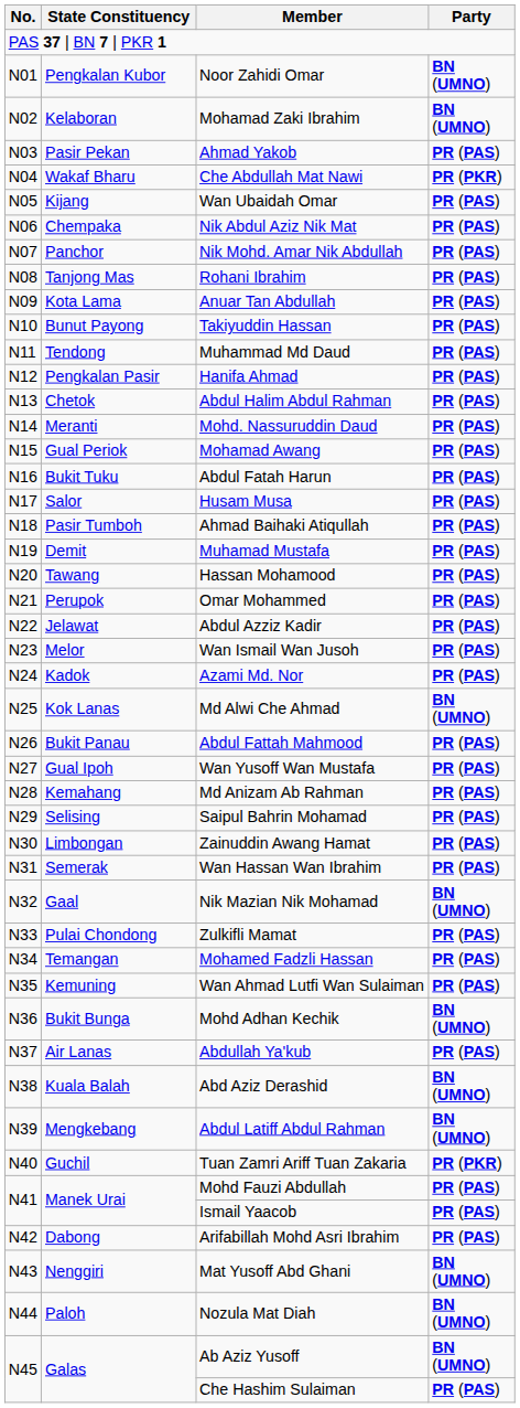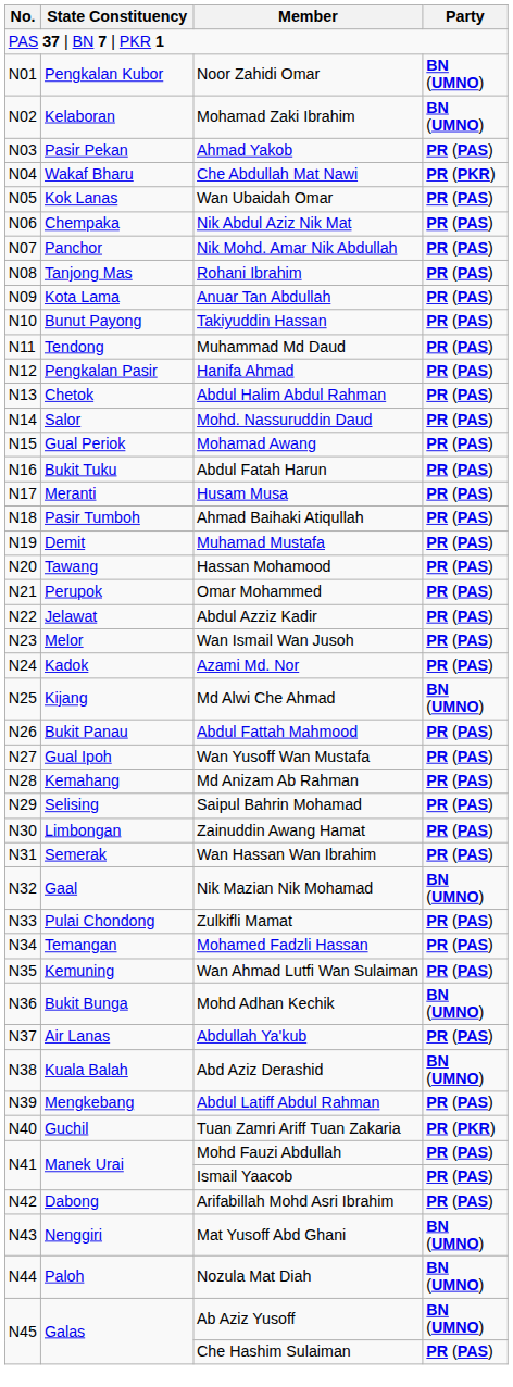 <table class="wikitable sortable">
 <tr>
 <th style="width:30px;">No.</th>
 <th style="width:150px;">State Constituency</th>
 <th style="width:230px;">Member</th>
 <th style="width:80px;">Party</th>
 </tr>
 <tr>
 <td colspan="4"><a href='#'>PAS</a> <strong>37</strong> | <a href='#'>BN</a> <strong>7</strong> | <a href='#'>PKR</a> <strong>1</strong></td>
 </tr>
 <tr>
 <td>N01</td>
 <td><a href='#'>Pengkalan Kubor</a></td>
 <td>Noor Zahidi Omar</td>
 <td><strong><a href='#'>BN</a></strong> (<strong><a href='#'>UMNO</a></strong>)</td>
 </tr>
 <tr>
 <td>N02</td>
 <td><a href='#'>Kelaboran</a></td>
 <td>Mohamad Zaki Ibrahim</td>
 <td><strong><a href='#'>BN</a></strong> (<strong><a href='#'>UMNO</a></strong>)</td>
 </tr>
 <tr>
 <td>N03</td>
 <td><a href='#'>Pasir Pekan</a></td>
 <td><a href='#'>Ahmad Yakob</a></td>
 <td><strong><a href='#'>PR</a></strong> (<strong><a href='#'>PAS</a></strong>)</td>
 </tr>
 <tr>
 <td>N04</td>
 <td><a href='#'>Wakaf Bharu</a></td>
 <td><a href='#'>Che Abdullah Mat Nawi</a></td>
 <td><strong><a href='#'>PR</a></strong> (<strong><a href='#'>PKR</a></strong>)</td>
 </tr>
 <tr>
 <td>N05</td>
-<td><a href='#'>Kijang</a></td>
+<td><a href='#'>Kok Lanas</a></td>
 <td>Wan Ubaidah Omar</td>
 <td><strong><a href='#'>PR</a></strong> (<strong><a href='#'>PAS</a></strong>)</td>
 </tr>
 <tr>
 <td>N06</td>
 <td><a href='#'>Chempaka</a></td>
 <td><a href='#'>Nik Abdul Aziz Nik Mat</a></td>
 <td><strong><a href='#'>PR</a></strong> (<strong><a href='#'>PAS</a></strong>)</td>
 </tr>
 <tr>
 <td>N07</td>
 <td><a href='#'>Panchor</a></td>
 <td><a href='#'>Nik Mohd. Amar Nik Abdullah</a></td>
 <td><strong><a href='#'>PR</a></strong> (<strong><a href='#'>PAS</a></strong>)</td>
 </tr>
 <tr>
 <td>N08</td>
 <td><a href='#'>Tanjong Mas</a></td>
 <td><a href='#'>Rohani Ibrahim</a></td>
 <td><strong><a href='#'>PR</a></strong> (<strong><a href='#'>PAS</a></strong>)</td>
 </tr>
 <tr>
 <td>N09</td>
 <td><a href='#'>Kota Lama</a></td>
 <td><a href='#'>Anuar Tan Abdullah</a></td>
 <td><strong><a href='#'>PR</a></strong> (<strong><a href='#'>PAS</a></strong>)</td>
 </tr>
 <tr>
 <td>N10</td>
 <td><a href='#'>Bunut Payong</a></td>
 <td><a href='#'>Takiyuddin Hassan</a></td>
 <td><strong><a href='#'>PR</a></strong> (<strong><a href='#'>PAS</a></strong>)</td>
 </tr>
 <tr>
 <td>N11</td>
 <td><a href='#'>Tendong</a></td>
 <td>Muhammad Md Daud</td>
 <td><strong><a href='#'>PR</a></strong> (<strong><a href='#'>PAS</a></strong>)</td>
 </tr>
 <tr>
 <td>N12</td>
 <td><a href='#'>Pengkalan Pasir</a></td>
 <td><a href='#'>Hanifa Ahmad</a></td>
 <td><strong><a href='#'>PR</a></strong> (<strong><a href='#'>PAS</a></strong>)</td>
 </tr>
 <tr>
 <td>N13</td>
 <td><a href='#'>Chetok</a></td>
 <td><a href='#'>Abdul Halim Abdul Rahman</a></td>
 <td><strong><a href='#'>PR</a></strong> (<strong><a href='#'>PAS</a></strong>)</td>
 </tr>
 <tr>
 <td>N14</td>
-<td><a href='#'>Meranti</a></td>
+<td><a href='#'>Salor</a></td>
 <td><a href='#'>Mohd. Nassuruddin Daud</a></td>
 <td><strong><a href='#'>PR</a></strong> (<strong><a href='#'>PAS</a></strong>)</td>
 </tr>
 <tr>
 <td>N15</td>
 <td><a href='#'>Gual Periok</a></td>
 <td><a href='#'>Mohamad Awang</a></td>
 <td><strong><a href='#'>PR</a></strong> (<strong><a href='#'>PAS</a></strong>)</td>
 </tr>
 <tr>
 <td>N16</td>
 <td><a href='#'>Bukit Tuku</a></td>
 <td>Abdul Fatah Harun</td>
 <td><strong><a href='#'>PR</a></strong> (<strong><a href='#'>PAS</a></strong>)</td>
 </tr>
 <tr>
 <td>N17</td>
-<td><a href='#'>Salor</a></td>
+<td><a href='#'>Meranti</a></td>
 <td><a href='#'>Husam Musa</a></td>
 <td><strong><a href='#'>PR</a></strong> (<strong><a href='#'>PAS</a></strong>)</td>
 </tr>
 <tr>
 <td>N18</td>
 <td><a href='#'>Pasir Tumboh</a></td>
 <td>Ahmad Baihaki Atiqullah</td>
 <td><strong><a href='#'>PR</a></strong> (<strong><a href='#'>PAS</a></strong>)</td>
 </tr>
 <tr>
 <td>N19</td>
 <td><a href='#'>Demit</a></td>
 <td><a href='#'>Muhamad Mustafa</a></td>
 <td><strong><a href='#'>PR</a></strong> (<strong><a href='#'>PAS</a></strong>)</td>
 </tr>
 <tr>
 <td>N20</td>
 <td><a href='#'>Tawang</a></td>
 <td>Hassan Mohamood</td>
 <td><strong><a href='#'>PR</a></strong> (<strong><a href='#'>PAS</a></strong>)</td>
 </tr>
 <tr>
 <td>N21</td>
 <td><a href='#'>Perupok</a></td>
 <td>Omar Mohammed</td>
 <td><strong><a href='#'>PR</a></strong> (<strong><a href='#'>PAS</a></strong>)</td>
 </tr>
 <tr>
 <td>N22</td>
 <td><a href='#'>Jelawat</a></td>
 <td>Abdul Azziz Kadir</td>
 <td><strong><a href='#'>PR</a></strong> (<strong><a href='#'>PAS</a></strong>)</td>
 </tr>
 <tr>
 <td>N23</td>
 <td><a href='#'>Melor</a></td>
 <td>Wan Ismail Wan Jusoh</td>
 <td><strong><a href='#'>PR</a></strong> (<strong><a href='#'>PAS</a></strong>)</td>
 </tr>
 <tr>
 <td>N24</td>
 <td><a href='#'>Kadok</a></td>
 <td><a href='#'>Azami Md. Nor</a></td>
 <td><strong><a href='#'>PR</a></strong> (<strong><a href='#'>PAS</a></strong>)</td>
 </tr>
 <tr>
 <td>N25</td>
-<td><a href='#'>Kok Lanas</a></td>
+<td><a href='#'>Kijang</a></td>
 <td>Md Alwi Che Ahmad</td>
 <td><strong><a href='#'>BN</a></strong> (<strong><a href='#'>UMNO</a></strong>)</td>
 </tr>
 <tr>
 <td>N26</td>
 <td><a href='#'>Bukit Panau</a></td>
 <td><a href='#'>Abdul Fattah Mahmood</a></td>
 <td><strong><a href='#'>PR</a></strong> (<strong><a href='#'>PAS</a></strong>)</td>
 </tr>
 <tr>
 <td>N27</td>
 <td><a href='#'>Gual Ipoh</a></td>
 <td>Wan Yusoff Wan Mustafa</td>
 <td><strong><a href='#'>PR</a></strong> (<strong><a href='#'>PAS</a></strong>)</td>
 </tr>
 <tr>
 <td>N28</td>
 <td><a href='#'>Kemahang</a></td>
 <td>Md Anizam Ab Rahman</td>
 <td><strong><a href='#'>PR</a></strong> (<strong><a href='#'>PAS</a></strong>)</td>
 </tr>
 <tr>
 <td>N29</td>
 <td><a href='#'>Selising</a></td>
 <td>Saipul Bahrin Mohamad</td>
 <td><strong><a href='#'>PR</a></strong> (<strong><a href='#'>PAS</a></strong>)</td>
 </tr>
 <tr>
 <td>N30</td>
 <td><a href='#'>Limbongan</a></td>
 <td>Zainuddin Awang Hamat</td>
 <td><strong><a href='#'>PR</a></strong> (<strong><a href='#'>PAS</a></strong>)</td>
 </tr>
 <tr>
 <td>N31</td>
 <td><a href='#'>Semerak</a></td>
 <td>Wan Hassan Wan Ibrahim</td>
 <td><strong><a href='#'>PR</a></strong> (<strong><a href='#'>PAS</a></strong>)</td>
 </tr>
 <tr>
 <td>N32</td>
 <td><a href='#'>Gaal</a></td>
 <td>Nik Mazian Nik Mohamad</td>
 <td><strong><a href='#'>BN</a></strong> (<strong><a href='#'>UMNO</a></strong>)</td>
 </tr>
 <tr>
 <td>N33</td>
 <td><a href='#'>Pulai Chondong</a></td>
 <td>Zulkifli Mamat</td>
 <td><strong><a href='#'>PR</a></strong> (<strong><a href='#'>PAS</a></strong>)</td>
 </tr>
 <tr>
 <td>N34</td>
 <td><a href='#'>Temangan</a></td>
 <td><a href='#'>Mohamed Fadzli Hassan</a></td>
 <td><strong><a href='#'>PR</a></strong> (<strong><a href='#'>PAS</a></strong>)</td>
 </tr>
 <tr>
 <td>N35</td>
 <td><a href='#'>Kemuning</a></td>
 <td>Wan Ahmad Lutfi Wan Sulaiman</td>
 <td><strong><a href='#'>PR</a></strong> (<strong><a href='#'>PAS</a></strong>)</td>
 </tr>
 <tr>
 <td>N36</td>
 <td><a href='#'>Bukit Bunga</a></td>
 <td>Mohd Adhan Kechik</td>
 <td><strong><a href='#'>BN</a></strong> (<strong><a href='#'>UMNO</a></strong>)</td>
 </tr>
 <tr>
 <td>N37</td>
 <td><a href='#'>Air Lanas</a></td>
 <td><a href='#'>Abdullah Ya'kub</a></td>
 <td><strong><a href='#'>PR</a></strong> (<strong><a href='#'>PAS</a></strong>)</td>
 </tr>
 <tr>
 <td>N38</td>
 <td><a href='#'>Kuala Balah</a></td>
 <td>Abd Aziz Derashid</td>
 <td><strong><a href='#'>BN</a></strong> (<strong><a href='#'>UMNO</a></strong>)</td>
 </tr>
 <tr>
 <td>N39</td>
 <td><a href='#'>Mengkebang</a></td>
 <td><a href='#'>Abdul Latiff Abdul Rahman</a></td>
-<td><strong><a href='#'>BN</a></strong> (<strong><a href='#'>UMNO</a></strong>)</td>
+<td><strong><a href='#'>PR</a></strong> (<strong><a href='#'>PAS</a></strong>)</td>
 </tr>
 <tr>
 <td>N40</td>
 <td><a href='#'>Guchil</a></td>
 <td>Tuan Zamri Ariff Tuan Zakaria</td>
 <td><strong><a href='#'>PR</a></strong> (<strong><a href='#'>PKR</a></strong>)</td>
 </tr>
 <tr>
 <td rowspan=2>N41</td>
 <td rowspan=2><a href='#'>Manek Urai</a></td>
 <td>Mohd Fauzi Abdullah </td>
 <td><strong><a href='#'>PR</a></strong> (<strong><a href='#'>PAS</a></strong>)</td>
 </tr>
 <tr>
 <td>Ismail Yaacob </td>
 <td><strong><a href='#'>PR</a></strong> (<strong><a href='#'>PAS</a></strong>)</td>
 </tr>
 <tr>
 <td>N42</td>
 <td><a href='#'>Dabong</a></td>
 <td>Arifabillah Mohd Asri Ibrahim</td>
 <td><strong><a href='#'>PR</a></strong> (<strong><a href='#'>PAS</a></strong>)</td>
 </tr>
 <tr>
 <td>N43</td>
 <td><a href='#'>Nenggiri</a></td>
 <td>Mat Yusoff Abd Ghani</td>
 <td><strong><a href='#'>BN</a></strong> (<strong><a href='#'>UMNO</a></strong>)</td>
 </tr>
 <tr>
 <td>N44</td>
 <td><a href='#'>Paloh</a></td>
 <td>Nozula Mat Diah</td>
 <td><strong><a href='#'>BN</a></strong> (<strong><a href='#'>UMNO</a></strong>)</td>
 </tr>
 <tr>
 <td rowspan=2>N45</td>
 <td rowspan=2><a href='#'>Galas</a></td>
 <td>Ab Aziz Yusoff </td>
 <td><strong><a href='#'>BN</a></strong> (<strong><a href='#'>UMNO</a></strong>)</td>
 </tr>
 <tr>
 <td>Che Hashim Sulaiman </td>
 <td><strong><a href='#'>PR</a></strong> (<strong><a href='#'>PAS</a></strong>)</td>
 </tr>
 </table>
